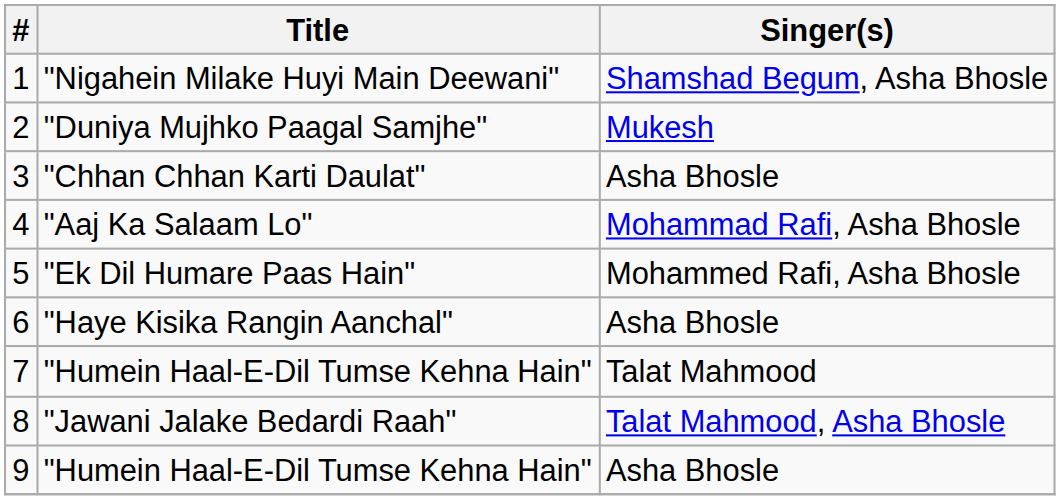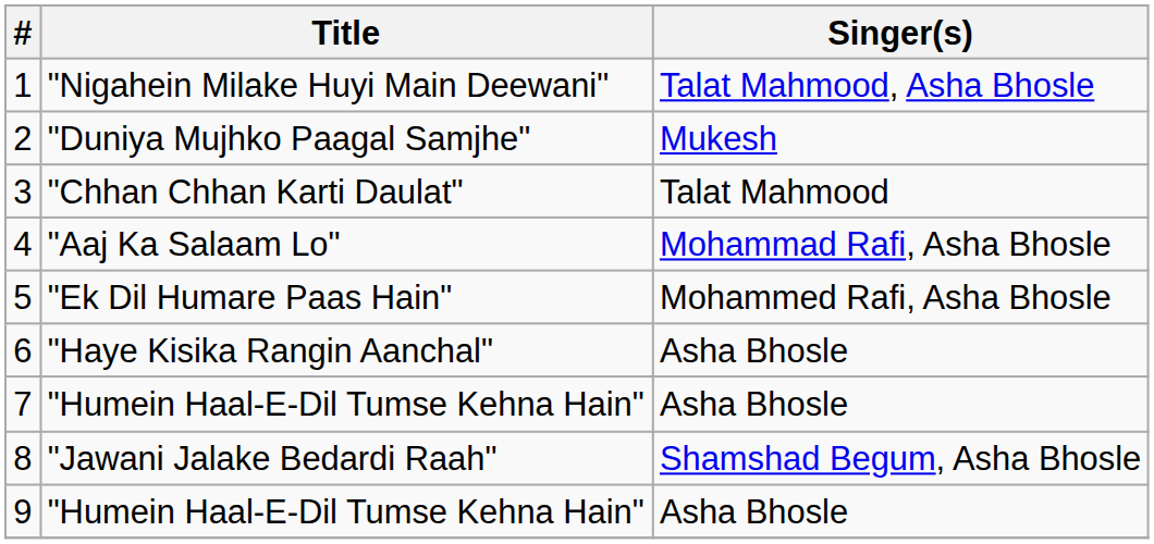 <table class="wikitable" style="font-size:95%;">
 <tr>
 <th>#</th>
 <th>Title</th>
 <th>Singer(s)</th>
 </tr>
 <tr>
 <td>1</td>
 <td>"Nigahein Milake Huyi Main Deewani"</td>
-<td><a href='#'>Shamshad Begum</a>, Asha Bhosle</td>
+<td><a href='#'>Talat Mahmood</a>, <a href='#'>Asha Bhosle</a></td>
 </tr>
 <tr>
 <td>2</td>
 <td>"Duniya Mujhko Paagal Samjhe"</td>
 <td><a href='#'>Mukesh</a></td>
 </tr>
 <tr>
 <td>3</td>
 <td>"Chhan Chhan Karti Daulat"</td>
-<td>Asha Bhosle</td>
+<td>Talat Mahmood</td>
 </tr>
 <tr>
 <td>4</td>
 <td>"Aaj Ka Salaam Lo"</td>
 <td><a href='#'>Mohammad Rafi</a>, Asha Bhosle</td>
 </tr>
 <tr>
 <td>5</td>
 <td>"Ek Dil Humare Paas Hain"</td>
 <td>Mohammed Rafi, Asha Bhosle</td>
 </tr>
 <tr>
 <td>6</td>
 <td>"Haye Kisika Rangin Aanchal"</td>
 <td>Asha Bhosle</td>
 </tr>
 <tr>
 <td>7</td>
 <td>"Humein Haal-E-Dil Tumse Kehna Hain"</td>
-<td>Talat Mahmood</td>
+<td>Asha Bhosle</td>
 </tr>
 <tr>
 <td>8</td>
 <td>"Jawani Jalake Bedardi Raah"</td>
-<td><a href='#'>Talat Mahmood</a>, <a href='#'>Asha Bhosle</a></td>
+<td><a href='#'>Shamshad Begum</a>, Asha Bhosle</td>
 </tr>
 <tr>
 <td>9</td>
 <td>"Humein Haal-E-Dil Tumse Kehna Hain"</td>
 <td>Asha Bhosle</td>
 </tr>
 <tr>
 </tr>
 </table>
